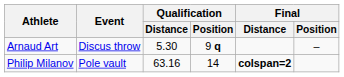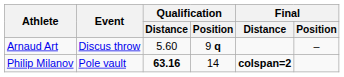 <table class=wikitable style=font-size:90%>
 <tr>
 <th rowspan=2>Athlete</th>
 <th rowspan=2>Event</th>
 <th colspan=2>Qualification</th>
 <th colspan=2>Final</th>
 </tr>
 <tr style=font-size:95%>
 <th>Distance</th>
 <th>Position</th>
 <th>Distance</th>
 <th>Position</th>
 </tr>
 <tr align=center>
 <td align=left><a href='#'>Arnaud Art</a></td>
 <td align=left><a href='#'>Discus throw</a></td>
-<td>5.30</td>
+<td>5.60</td>
 <td>9 <strong>q</strong></td>
 <td></td>
 <td>–</td>
 </tr>
 <tr align=center>
 <td align=left><a href='#'>Philip Milanov</a></td>
 <td align=left><a href='#'>Pole vault</a></td>
-<td>63.16</td>
+<td><strong>63.16</strong></td>
 <td>14</td>
 <td><strong>colspan=2 </strong></td>
 </tr>
 </table>
